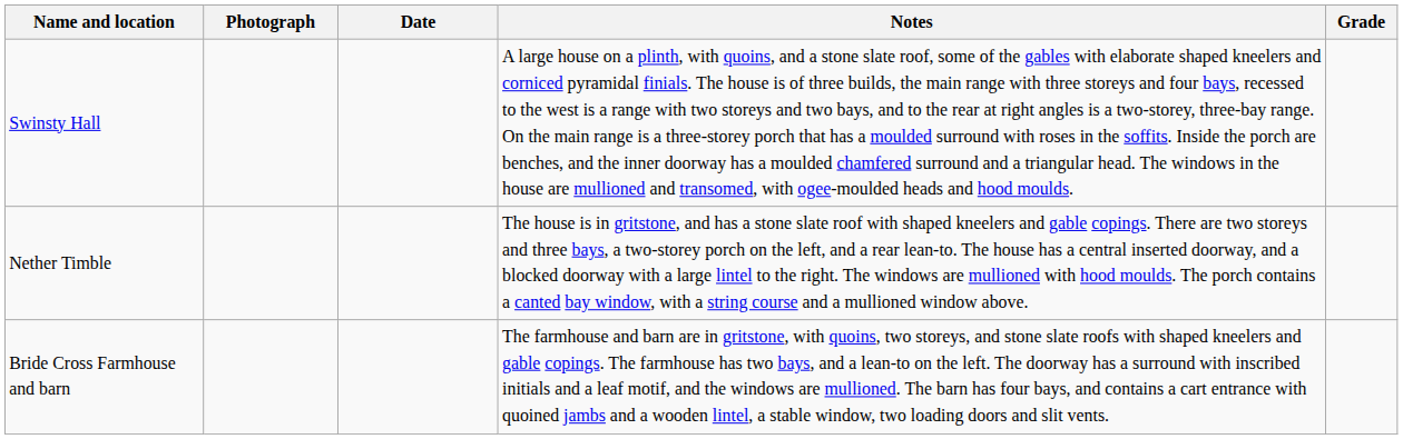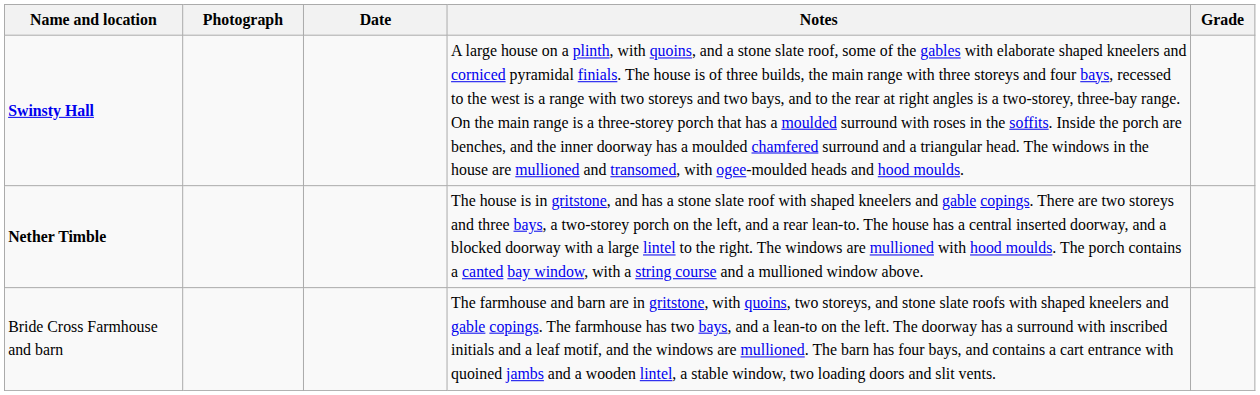 <table class="wikitable sortable plainrowheaders" style="width:100%; border:0px; text-align:left; line-height:150%">
 <tr>
 <th scope="col" style="width:150px">Name and location</th>
 <th scope="col" style="width:100px" class="unsortable">Photograph</th>
 <th scope="col" style="width:120px">Date</th>
 <th scope="col" style="width:650px" class="unsortable">Notes</th>
 <th scope="col" style="width:50px">Grade</th>
 </tr>
 <tr>
-<td><a href='#'>Swinsty Hall</a><br><small></small></td>
+<td><strong><a href='#'>Swinsty Hall</a><br><small></small></strong></td>
 <td></td>
 <td align="center"></td>
 <td>A large house on a <a href='#'>plinth</a>, with <a href='#'>quoins</a>, and a stone slate roof, some of the <a href='#'>gables</a> with elaborate shaped kneelers and <a href='#'>corniced</a> pyramidal <a href='#'>finials</a>. The house is of three builds, the main range with three storeys and four <a href='#'>bays</a>, recessed to the west is a range with two storeys and two bays, and to the rear at right angles is a two-storey, three-bay range. On the main range is a three-storey porch that has a <a href='#'>moulded</a> surround with roses in the <a href='#'>soffits</a>. Inside the porch are benches, and the inner doorway has a moulded <a href='#'>chamfered</a> surround and a triangular head. The windows in the house are <a href='#'>mullioned</a> and <a href='#'>transomed</a>, with <a href='#'>ogee</a>-moulded heads and <a href='#'>hood moulds</a>.</td>
 <td align="center" ></td>
 </tr>
 <tr>
-<td>Nether Timble<br><small></small></td>
+<td><strong>Nether Timble<br><small></small></strong></td>
 <td></td>
 <td align="center"></td>
 <td>The house is in <a href='#'>gritstone</a>, and has a stone slate roof with shaped kneelers and <a href='#'>gable</a> <a href='#'>copings</a>.  There are two storeys and three <a href='#'>bays</a>, a two-storey porch on the left, and a rear lean-to. The house has a central inserted doorway, and a blocked doorway with a large <a href='#'>lintel</a> to the right. The windows are <a href='#'>mullioned</a> with <a href='#'>hood moulds</a>. The porch contains a <a href='#'>canted</a> <a href='#'>bay window</a>, with a <a href='#'>string course</a> and a mullioned window above.</td>
 <td align="center" ></td>
 </tr>
 <tr>
 <td>Bride Cross Farmhouse and barn<br><small></small></td>
 <td></td>
 <td align="center"></td>
 <td>The farmhouse and barn are in <a href='#'>gritstone</a>, with <a href='#'>quoins</a>, two storeys, and stone slate roofs with shaped kneelers and <a href='#'>gable</a> <a href='#'>copings</a>. The farmhouse has two <a href='#'>bays</a>, and a lean-to on the left. The doorway has a surround with inscribed initials and a leaf motif, and the windows are <a href='#'>mullioned</a>. The barn has four bays, and contains a cart entrance with quoined <a href='#'>jambs</a> and a wooden <a href='#'>lintel</a>, a stable window, two loading doors and slit vents.</td>
 <td align="center" ></td>
 </tr>
 <tr>
 </tr>
 </table>
